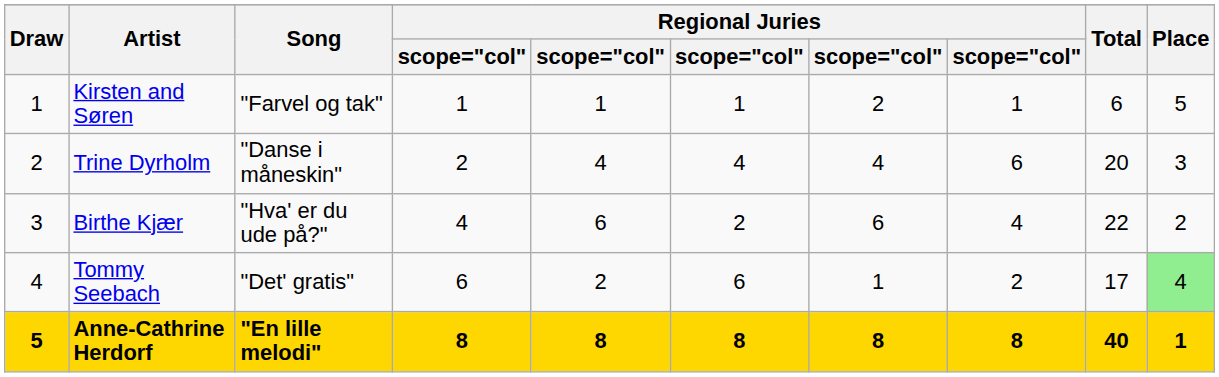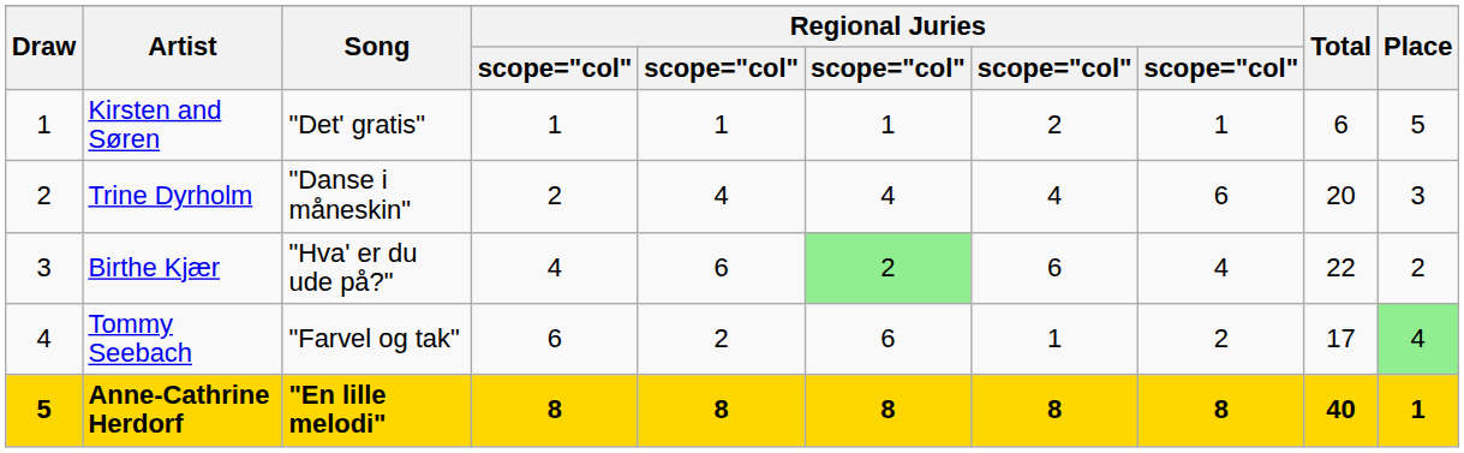 <table class="wikitable plainrowheaders" style="margin: 1em auto 1em auto; text-align:center;">
 <tr>
 </tr>
 <tr>
 <th scope="col" rowspan="2">Draw</th>
 <th scope="col" rowspan="2">Artist</th>
 <th scope="col" rowspan="2">Song</th>
 <th scope="col" colspan="5">Regional Juries</th>
 <th scope="col" rowspan="2">Total</th>
 <th scope="col" rowspan="2">Place</th>
 </tr>
 <tr>
 <th>scope="col" </th>
 <th>scope="col" </th>
 <th>scope="col" </th>
 <th>scope="col" </th>
 <th>scope="col" </th>
 </tr>
 <tr>
 <td>1</td>
 <td align="left"><a href='#'>Kirsten and Søren</a></td>
-<td align="left">"Farvel og tak"</td>
+<td align="left">"Det' gratis"</td>
 <td>1</td>
 <td>1</td>
 <td>1</td>
 <td>2</td>
 <td>1</td>
 <td>6</td>
 <td>5</td>
 </tr>
 <tr>
 <td>2</td>
 <td align="left"><a href='#'>Trine Dyrholm</a></td>
 <td align="left">"Danse i måneskin"</td>
 <td>2</td>
 <td>4</td>
 <td>4</td>
 <td>4</td>
 <td>6</td>
 <td>20</td>
 <td>3</td>
 </tr>
 <tr>
 <td>3</td>
 <td align="left"><a href='#'>Birthe Kjær</a></td>
 <td align="left">"Hva' er du ude på?"</td>
 <td>4</td>
 <td>6</td>
-<td>2</td>
+<td style="background: lightgreen;">2</td>
 <td>6</td>
 <td>4</td>
 <td>22</td>
 <td>2</td>
 </tr>
 <tr>
 <td>4</td>
 <td align="left"><a href='#'>Tommy Seebach</a></td>
-<td align="left">"Det' gratis"</td>
+<td align="left">"Farvel og tak"</td>
 <td>6</td>
 <td>2</td>
 <td>6</td>
 <td>1</td>
 <td>2</td>
 <td>17</td>
 <td style="background: lightgreen;">4</td>
 </tr>
 <tr bgcolor="gold">
 <td><strong>5</strong></td>
 <td align="left"><strong>Anne-Cathrine Herdorf</strong></td>
 <td align="left"><strong>"En lille melodi"</strong></td>
 <td><strong>8</strong></td>
 <td><strong>8</strong></td>
 <td><strong>8</strong></td>
 <td><strong>8</strong></td>
 <td><strong>8</strong></td>
 <td><strong>40</strong></td>
 <td><strong>1</strong></td>
 </tr>
 </table>
